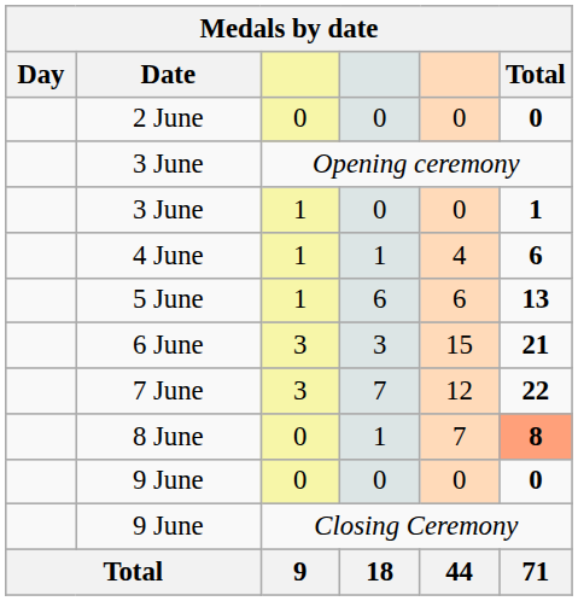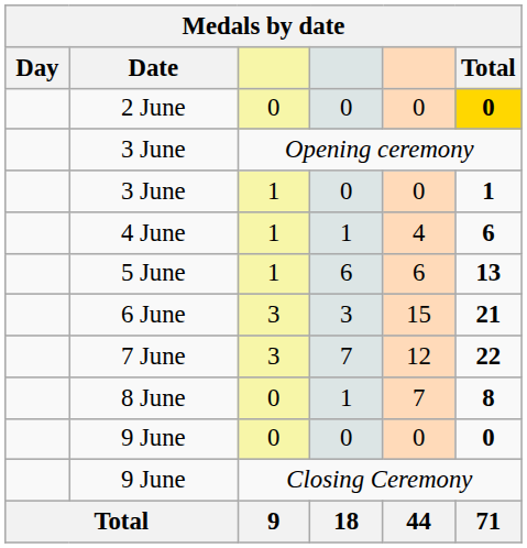 <table class="wikitable" style="font-size:90%; text-align:center">
 <tr style="background:#efefef;">
 <th colspan="6"><strong>Medals by date</strong></th>
 </tr>
 <tr>
 <th width="30"><strong>Day</strong></th>
 <th width="90"><strong>Date</strong></th>
 <th width="35" style="background:#F7F6A8;"></th>
 <th width="35" style="background:#DCE5E5;"></th>
 <th width="35" style="background:#FFDAB9;"></th>
 <th width="30"><strong>Total</strong></th>
 </tr>
 <tr>
 <td></td>
 <td>2 June</td>
 <td style="background:#F7F6A8;">0</td>
 <td style="background:#DCE5E5;">0</td>
 <td style="background:#FFDAB9;">0</td>
-<td><strong>0</strong></td>
+<td style="background: gold;"><strong>0</strong></td>
 </tr>
 <tr>
 <td></td>
 <td>3 June</td>
 <td colspan="4" style="text-align:left center ;"> <em>Opening ceremony</em></td>
 </tr>
 <tr>
 <td></td>
 <td>3 June</td>
 <td style="background:#F7F6A8;">1</td>
 <td style="background:#DCE5E5;">0</td>
 <td style="background:#FFDAB9;">0</td>
 <td><strong>1</strong></td>
 </tr>
 <tr>
 <td></td>
 <td>4 June</td>
 <td style="background:#F7F6A8;">1</td>
 <td style="background:#DCE5E5;">1</td>
 <td style="background:#FFDAB9;">4</td>
 <td><strong>6</strong></td>
 </tr>
 <tr>
 <td></td>
 <td>5 June</td>
 <td style="background:#F7F6A8;">1</td>
 <td style="background:#DCE5E5;">6</td>
 <td style="background:#FFDAB9;">6</td>
 <td><strong>13</strong></td>
 </tr>
 <tr>
 <td></td>
 <td>6 June</td>
 <td style="background:#F7F6A8;">3</td>
 <td style="background:#DCE5E5;">3</td>
 <td style="background:#FFDAB9;">15</td>
 <td><strong>21</strong></td>
 </tr>
 <tr>
 <td></td>
 <td>7 June</td>
 <td style="background:#F7F6A8;">3</td>
 <td style="background:#DCE5E5;">7</td>
 <td style="background:#FFDAB9;">12</td>
 <td><strong>22</strong></td>
 </tr>
 <tr>
 <td></td>
 <td>8 June</td>
 <td style="background:#F7F6A8;">0</td>
 <td style="background:#DCE5E5;">1</td>
 <td style="background:#FFDAB9;">7</td>
-<td style="background: lightsalmon;"><strong>8</strong></td>
+<td><strong>8</strong></td>
 </tr>
 <tr>
 <td></td>
 <td>9 June</td>
 <td style="background:#F7F6A8;">0</td>
 <td style="background:#DCE5E5;">0</td>
 <td style="background:#FFDAB9;">0</td>
 <td><strong>0</strong></td>
 </tr>
 <tr>
 <td></td>
 <td>9 June</td>
 <td colspan="4" style="text-align:left center ;"> <em>Closing Ceremony</em></td>
 </tr>
 <tr>
 <th colspan="2"><strong>Total</strong></th>
 <th>9</th>
 <th>18</th>
 <th>44</th>
 <th>71</th>
 </tr>
 </table>
